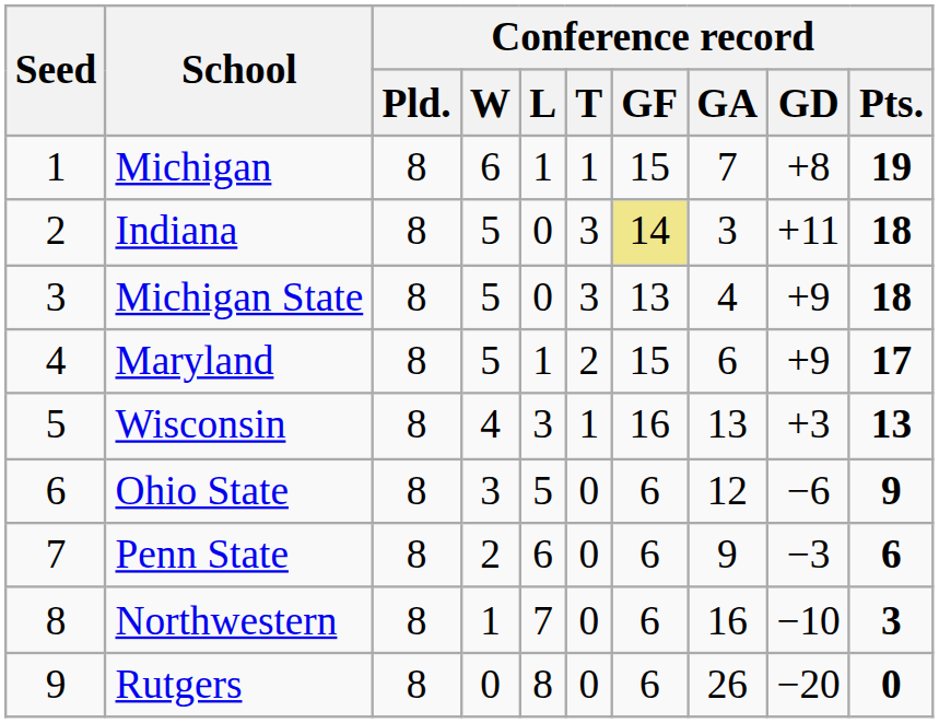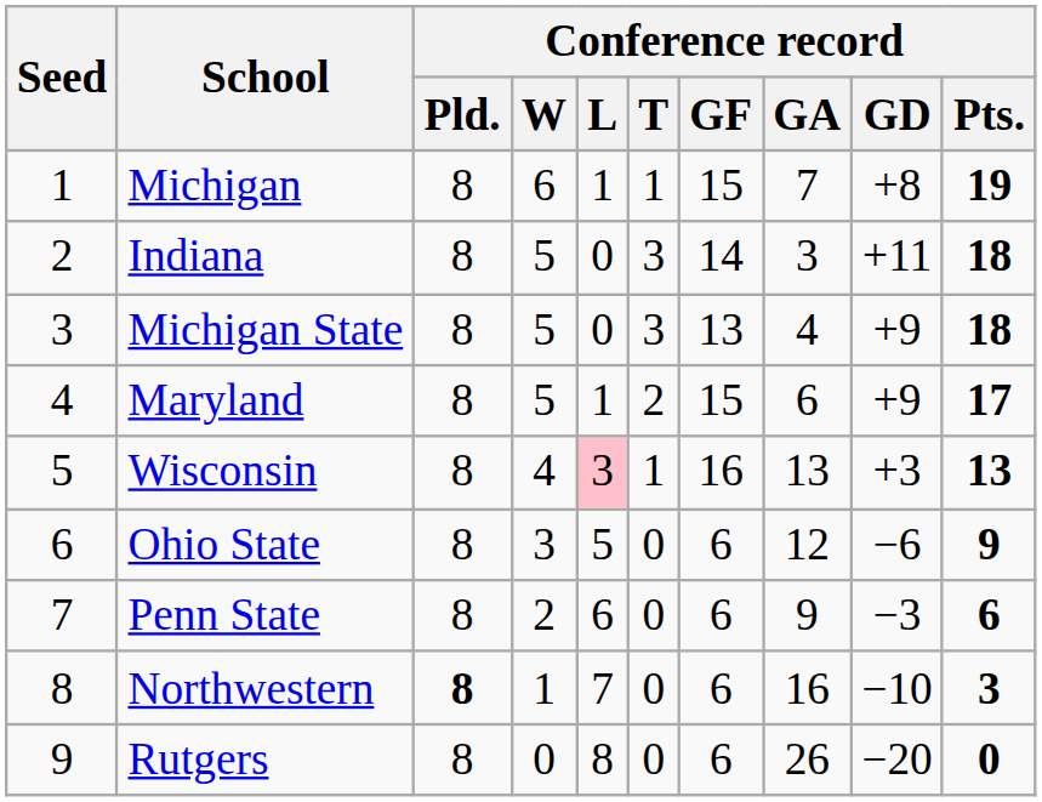 <table class="wikitable">
 <tr>
 <th rowspan="2">Seed</th>
 <th rowspan="2">School</th>
 <th colspan="8">Conference record</th>
 </tr>
 <tr>
 <th>Pld.</th>
 <th>W</th>
 <th>L</th>
 <th>T</th>
 <th>GF</th>
 <th>GA</th>
 <th>GD</th>
 <th>Pts.</th>
 </tr>
 <tr>
 <td align=center>1</td>
 <td><a href='#'>Michigan</a></td>
 <td align=center>8</td>
 <td align=center>6</td>
 <td align=center>1</td>
 <td align=center>1</td>
 <td align=center>15</td>
 <td align=center>7</td>
 <td align=center>+8</td>
 <td align=center><strong>19</strong></td>
 </tr>
 <tr>
 <td align=center>2</td>
 <td><a href='#'>Indiana</a></td>
 <td align=center>8</td>
 <td align=center>5</td>
 <td align=center>0</td>
 <td align=center>3</td>
-<td align=center style="background: khaki;">14</td>
+<td align=center>14</td>
 <td align=center>3</td>
 <td align=center>+11</td>
 <td align=center><strong>18</strong></td>
 </tr>
 <tr>
 <td align=center>3</td>
 <td><a href='#'>Michigan State</a></td>
 <td align=center>8</td>
 <td align=center>5</td>
 <td align=center>0</td>
 <td align=center>3</td>
 <td align=center>13</td>
 <td align=center>4</td>
 <td align=center>+9</td>
 <td align=center><strong>18</strong></td>
 </tr>
 <tr>
 <td align=center>4</td>
 <td><a href='#'>Maryland</a></td>
 <td align=center>8</td>
 <td align=center>5</td>
 <td align=center>1</td>
 <td align=center>2</td>
 <td align=center>15</td>
 <td align=center>6</td>
 <td align=center>+9</td>
 <td align=center><strong>17</strong></td>
 </tr>
 <tr>
 <td align=center>5</td>
 <td><a href='#'>Wisconsin</a></td>
 <td align=center>8</td>
 <td align=center>4</td>
-<td align=center>3</td>
+<td align=center style="background: pink;">3</td>
 <td align=center>1</td>
 <td align=center>16</td>
 <td align=center>13</td>
 <td align=center>+3</td>
 <td align=center><strong>13</strong></td>
 </tr>
 <tr>
 <td align=center>6</td>
 <td><a href='#'>Ohio State</a></td>
 <td align=center>8</td>
 <td align=center>3</td>
 <td align=center>5</td>
 <td align=center>0</td>
 <td align=center>6</td>
 <td align=center>12</td>
 <td align=center>−6</td>
 <td align=center><strong>9</strong></td>
 </tr>
 <tr>
 <td align=center>7</td>
 <td><a href='#'>Penn State</a></td>
 <td align=center>8</td>
 <td align=center>2</td>
 <td align=center>6</td>
 <td align=center>0</td>
 <td align=center>6</td>
 <td align=center>9</td>
 <td align=center>−3</td>
 <td align=center><strong>6</strong></td>
 </tr>
 <tr>
 <td align=center>8</td>
 <td><a href='#'>Northwestern</a></td>
-<td align=center>8</td>
+<td align=center><strong>8</strong></td>
 <td align=center>1</td>
 <td align=center>7</td>
 <td align=center>0</td>
 <td align=center>6</td>
 <td align=center>16</td>
 <td align=center>−10</td>
 <td align=center><strong>3</strong></td>
 </tr>
 <tr>
 <td align=center>9</td>
 <td><a href='#'>Rutgers</a></td>
 <td align=center>8</td>
 <td align=center>0</td>
 <td align=center>8</td>
 <td align=center>0</td>
 <td align=center>6</td>
 <td align=center>26</td>
 <td align=center>−20</td>
 <td align=center><strong>0</strong></td>
 </tr>
 </table>
